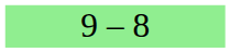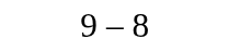 <table style="text-align:center">
 <tr>
 <th width=200></th>
 <th width=100></th>
 <th width=200></th>
 </tr>
 <tr>
 <td align=right><strong></strong></td>
-<td style="background: lightgreen;">9 – 8</td>
+<td>9 – 8</td>
 <td align=left></td>
 </tr>
 </table>
